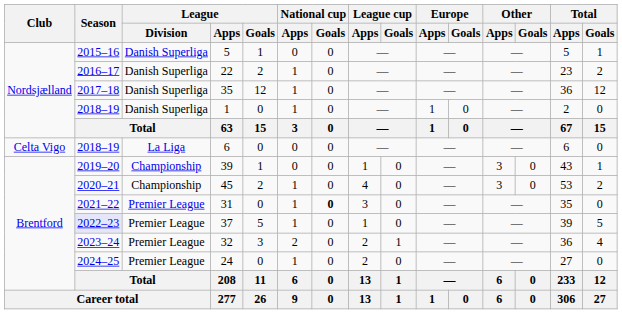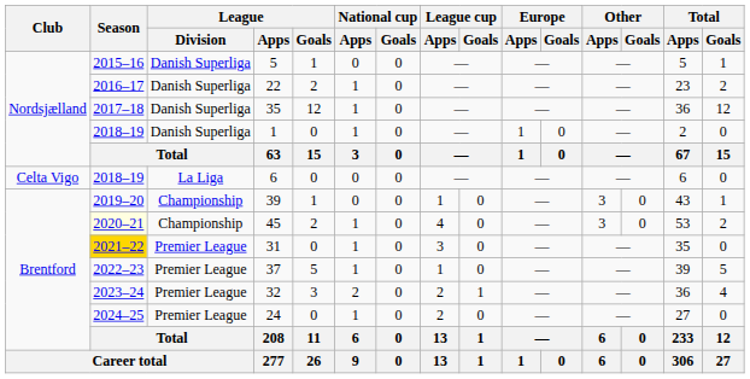 <table class="wikitable" style="text-align:center">
 <tr>
 <th rowspan="2">Club</th>
 <th rowspan="2">Season</th>
 <th colspan="3">League</th>
 <th colspan="2">National cup</th>
 <th colspan="2">League cup</th>
 <th colspan="2">Europe</th>
 <th colspan="2">Other</th>
 <th colspan="2">Total</th>
 </tr>
 <tr>
 <th>Division</th>
 <th>Apps</th>
 <th>Goals</th>
 <th>Apps</th>
 <th>Goals</th>
 <th>Apps</th>
 <th>Goals</th>
 <th>Apps</th>
 <th>Goals</th>
 <th>Apps</th>
 <th>Goals</th>
 <th>Apps</th>
 <th>Goals</th>
 </tr>
 <tr>
 <td rowspan="5"><a href='#'>Nordsjælland</a></td>
 <td><a href='#'>2015–16</a></td>
 <td><a href='#'>Danish Superliga</a></td>
 <td>5</td>
 <td>1</td>
 <td>0</td>
 <td>0</td>
 <td colspan="2">―</td>
 <td colspan="2">―</td>
 <td colspan="2">―</td>
 <td>5</td>
 <td>1</td>
 </tr>
 <tr>
 <td><a href='#'>2016–17</a></td>
 <td>Danish Superliga</td>
 <td>22</td>
 <td>2</td>
 <td>1</td>
 <td>0</td>
 <td colspan="2">―</td>
 <td colspan="2">―</td>
 <td colspan="2">―</td>
 <td>23</td>
 <td>2</td>
 </tr>
 <tr>
 <td><a href='#'>2017–18</a></td>
 <td>Danish Superliga</td>
 <td>35</td>
 <td>12</td>
 <td>1</td>
 <td>0</td>
 <td colspan="2">―</td>
 <td colspan="2">―</td>
 <td colspan="2">―</td>
 <td>36</td>
 <td>12</td>
 </tr>
 <tr>
 <td><a href='#'>2018–19</a></td>
 <td>Danish Superliga</td>
 <td>1</td>
 <td>0</td>
 <td>1</td>
 <td>0</td>
 <td colspan="2">―</td>
 <td>1</td>
 <td>0</td>
 <td colspan="2">―</td>
 <td>2</td>
 <td>0</td>
 </tr>
 <tr>
 <th colspan="2">Total</th>
 <th>63</th>
 <th>15</th>
 <th>3</th>
 <th>0</th>
 <th colspan="2">―</th>
 <th>1</th>
 <th>0</th>
 <th colspan="2">―</th>
 <th>67</th>
 <th>15</th>
 </tr>
 <tr>
 <td><a href='#'>Celta Vigo</a></td>
 <td><a href='#'>2018–19</a></td>
 <td><a href='#'>La Liga</a></td>
 <td>6</td>
 <td>0</td>
 <td>0</td>
 <td>0</td>
 <td colspan="2">―</td>
 <td colspan="2">―</td>
 <td colspan="2">―</td>
 <td>6</td>
 <td>0</td>
 </tr>
 <tr>
 <td rowspan="7"><a href='#'>Brentford</a></td>
 <td><a href='#'>2019–20</a></td>
 <td><a href='#'>Championship</a></td>
 <td>39</td>
 <td>1</td>
 <td>0</td>
 <td>0</td>
 <td>1</td>
 <td>0</td>
 <td colspan="2">―</td>
 <td>3</td>
 <td>0</td>
 <td>43</td>
 <td>1</td>
 </tr>
 <tr>
-<td><a href='#'>2020–21</a></td>
+<td style="background: lightyellow;"><a href='#'>2020–21</a></td>
 <td>Championship</td>
 <td>45</td>
 <td>2</td>
 <td>1</td>
 <td>0</td>
 <td>4</td>
 <td>0</td>
 <td colspan="2">―</td>
 <td>3</td>
 <td>0</td>
 <td>53</td>
 <td>2</td>
 </tr>
 <tr>
-<td><a href='#'>2021–22</a></td>
+<td style="background: gold;"><a href='#'>2021–22</a></td>
 <td><a href='#'>Premier League</a></td>
 <td>31</td>
 <td>0</td>
 <td>1</td>
-<td><strong>0</strong></td>
+<td>0</td>
 <td>3</td>
 <td>0</td>
 <td colspan="2">―</td>
 <td colspan="2">―</td>
 <td>35</td>
 <td>0</td>
 </tr>
 <tr>
-<td style="background: lavender;"><a href='#'>2022–23</a></td>
+<td><a href='#'>2022–23</a></td>
 <td>Premier League</td>
 <td>37</td>
 <td>5</td>
 <td>1</td>
 <td>0</td>
 <td>1</td>
 <td>0</td>
 <td colspan="2">―</td>
 <td colspan="2">―</td>
 <td>39</td>
 <td>5</td>
 </tr>
 <tr>
 <td><a href='#'>2023–24</a></td>
 <td>Premier League</td>
 <td>32</td>
 <td>3</td>
 <td>2</td>
 <td>0</td>
 <td>2</td>
 <td>1</td>
 <td colspan="2">―</td>
 <td colspan="2">―</td>
 <td>36</td>
 <td>4</td>
 </tr>
 <tr>
 <td><a href='#'>2024–25</a></td>
 <td>Premier League</td>
 <td>24</td>
 <td>0</td>
 <td>1</td>
 <td>0</td>
 <td>2</td>
 <td>0</td>
 <td colspan="2">―</td>
 <td colspan="2">―</td>
 <td>27</td>
 <td>0</td>
 </tr>
 <tr>
 <th colspan="2">Total</th>
 <th>208</th>
 <th>11</th>
 <th>6</th>
 <th>0</th>
 <th>13</th>
 <th>1</th>
 <th colspan="2">―</th>
 <th>6</th>
 <th>0</th>
 <th>233</th>
 <th>12</th>
 </tr>
 <tr>
 <th colspan="3">Career total</th>
 <th>277</th>
 <th>26</th>
 <th>9</th>
 <th>0</th>
 <th>13</th>
 <th>1</th>
 <th>1</th>
 <th>0</th>
 <th>6</th>
 <th>0</th>
 <th>306</th>
 <th>27</th>
 </tr>
 </table>
